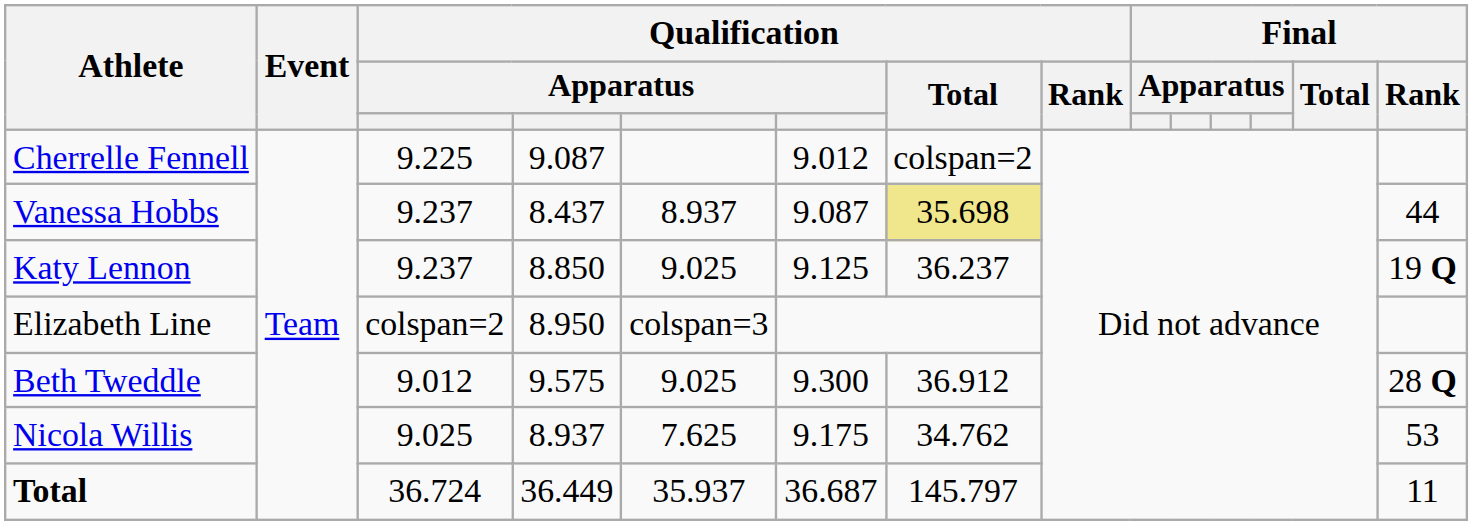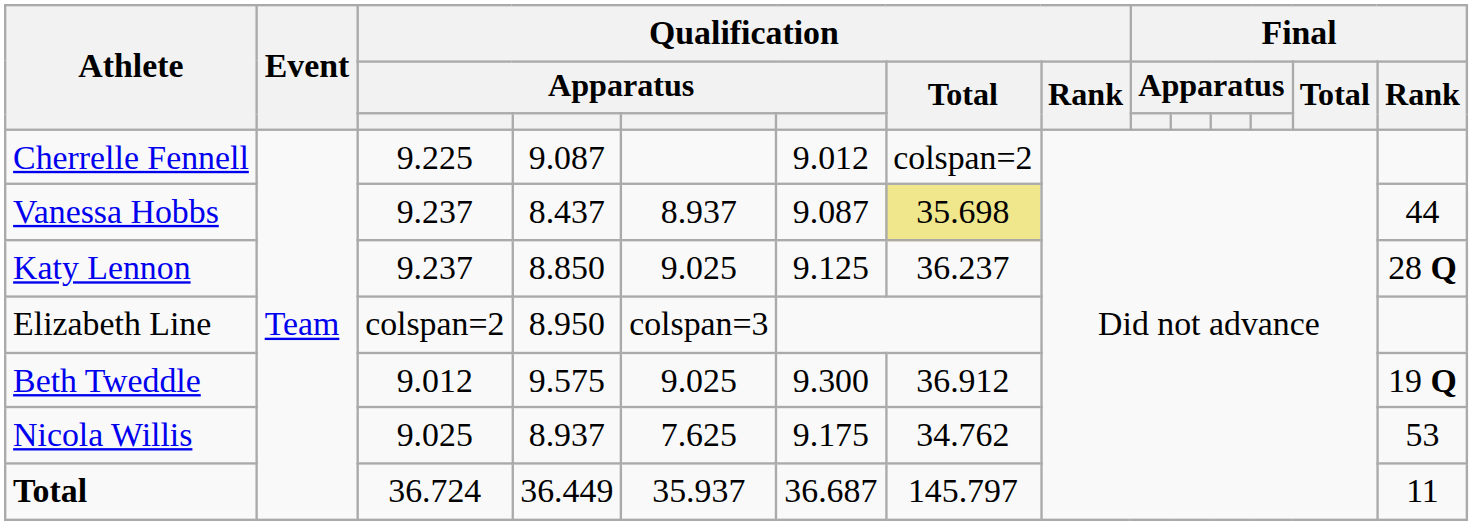 <table class="wikitable" style="font-size:90%">
 <tr>
 <th rowspan=3>Athlete</th>
 <th rowspan=3>Event</th>
 <th colspan=6>Qualification</th>
 <th colspan=6>Final</th>
 </tr>
 <tr style="font-size:95%">
 <th colspan=4>Apparatus</th>
 <th rowspan=2>Total</th>
 <th rowspan=2>Rank</th>
 <th colspan=4>Apparatus</th>
 <th rowspan=2>Total</th>
 <th rowspan=2>Rank</th>
 </tr>
 <tr style="font-size:95%">
 <th></th>
 <th></th>
 <th></th>
 <th></th>
 <th></th>
 <th></th>
 <th></th>
 <th></th>
 </tr>
 <tr align=center>
 <td align=left><a href='#'>Cherrelle Fennell</a></td>
 <td align=left rowspan=7><a href='#'>Team</a></td>
 <td>9.225</td>
 <td>9.087</td>
 <td></td>
 <td>9.012</td>
 <td>colspan=2 </td>
 <td colspan=6 rowspan=7>Did not advance</td>
 </tr>
 <tr align=center>
 <td align=left><a href='#'>Vanessa Hobbs</a></td>
 <td>9.237</td>
 <td>8.437</td>
 <td>8.937</td>
 <td>9.087</td>
 <td style="background: khaki;">35.698</td>
 <td>44</td>
 </tr>
 <tr align=center>
 <td align=left><a href='#'>Katy Lennon</a></td>
 <td>9.237</td>
 <td>8.850</td>
 <td>9.025</td>
 <td>9.125</td>
 <td>36.237</td>
-<td>19 <strong>Q</strong></td>
+<td>28 <strong>Q</strong></td>
 </tr>
 <tr align=center>
 <td align=left>Elizabeth Line</td>
 <td>colspan=2 </td>
 <td>8.950</td>
 <td>colspan=3 </td>
 </tr>
 <tr align=center>
 <td align=left><a href='#'>Beth Tweddle</a></td>
 <td>9.012</td>
 <td>9.575</td>
 <td>9.025</td>
 <td>9.300</td>
 <td>36.912</td>
-<td>28 <strong>Q</strong></td>
+<td>19 <strong>Q</strong></td>
 </tr>
 <tr align=center>
 <td align=left><a href='#'>Nicola Willis</a></td>
 <td>9.025</td>
 <td>8.937</td>
 <td>7.625</td>
 <td>9.175</td>
 <td>34.762</td>
 <td>53</td>
 </tr>
 <tr align=center>
 <td align=left><strong>Total</strong></td>
 <td>36.724</td>
 <td>36.449</td>
 <td>35.937</td>
 <td>36.687</td>
 <td>145.797</td>
 <td>11</td>
 </tr>
 </table>
